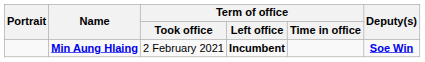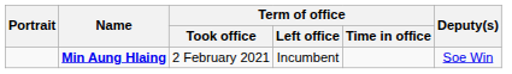 <table class="wikitable" style="text-align:center">
 <tr>
 <th rowspan=2>Portrait</th>
 <th rowspan=2>Name<br></th>
 <th colspan=3>Term of office</th>
 <th rowspan=2>Deputy(s)</th>
 </tr>
 <tr>
 <th>Took office</th>
 <th>Left office</th>
 <th>Time in office</th>
 </tr>
 <tr>
 <td></td>
 <td><strong><a href='#'>Min Aung Hlaing</a></strong><br></td>
 <td>2 February 2021</td>
-<td><strong>Incumbent</strong></td>
+<td>Incumbent</td>
 <td></td>
-<td><strong><a href='#'>Soe Win</a></strong></td>
+<td><a href='#'>Soe Win</a></td>
 </tr>
 </table>
